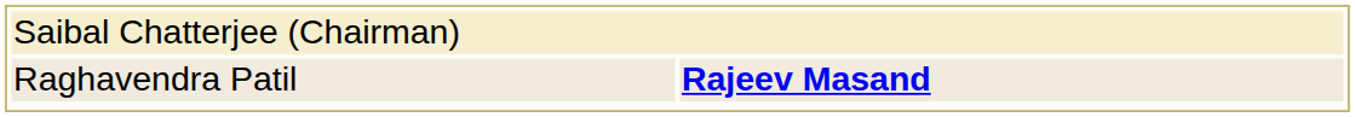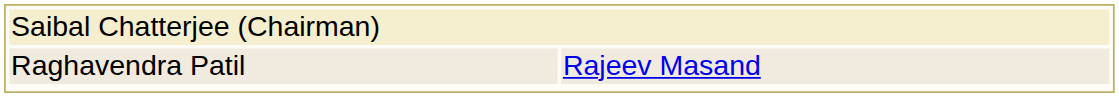 <table style="width:100%;border: 1px solid #BEB168;background-color:#FDFCF6;">
 <tr>
 <td colspan="2" style="background-color:#F5EFD0;"> Saibal Chatterjee (Chairman)</td>
 </tr>
 <tr style="background-color:#F0EADF;">
 <td style="width:50%"> Raghavendra Patil</td>
-<td style="width:50%"><strong> <a href='#'>Rajeev Masand</a></strong></td>
+<td style="width:50%"> <a href='#'>Rajeev Masand</a></td>
 </tr>
 <tr style="vertical-align:top;">
 </tr>
 </table>
